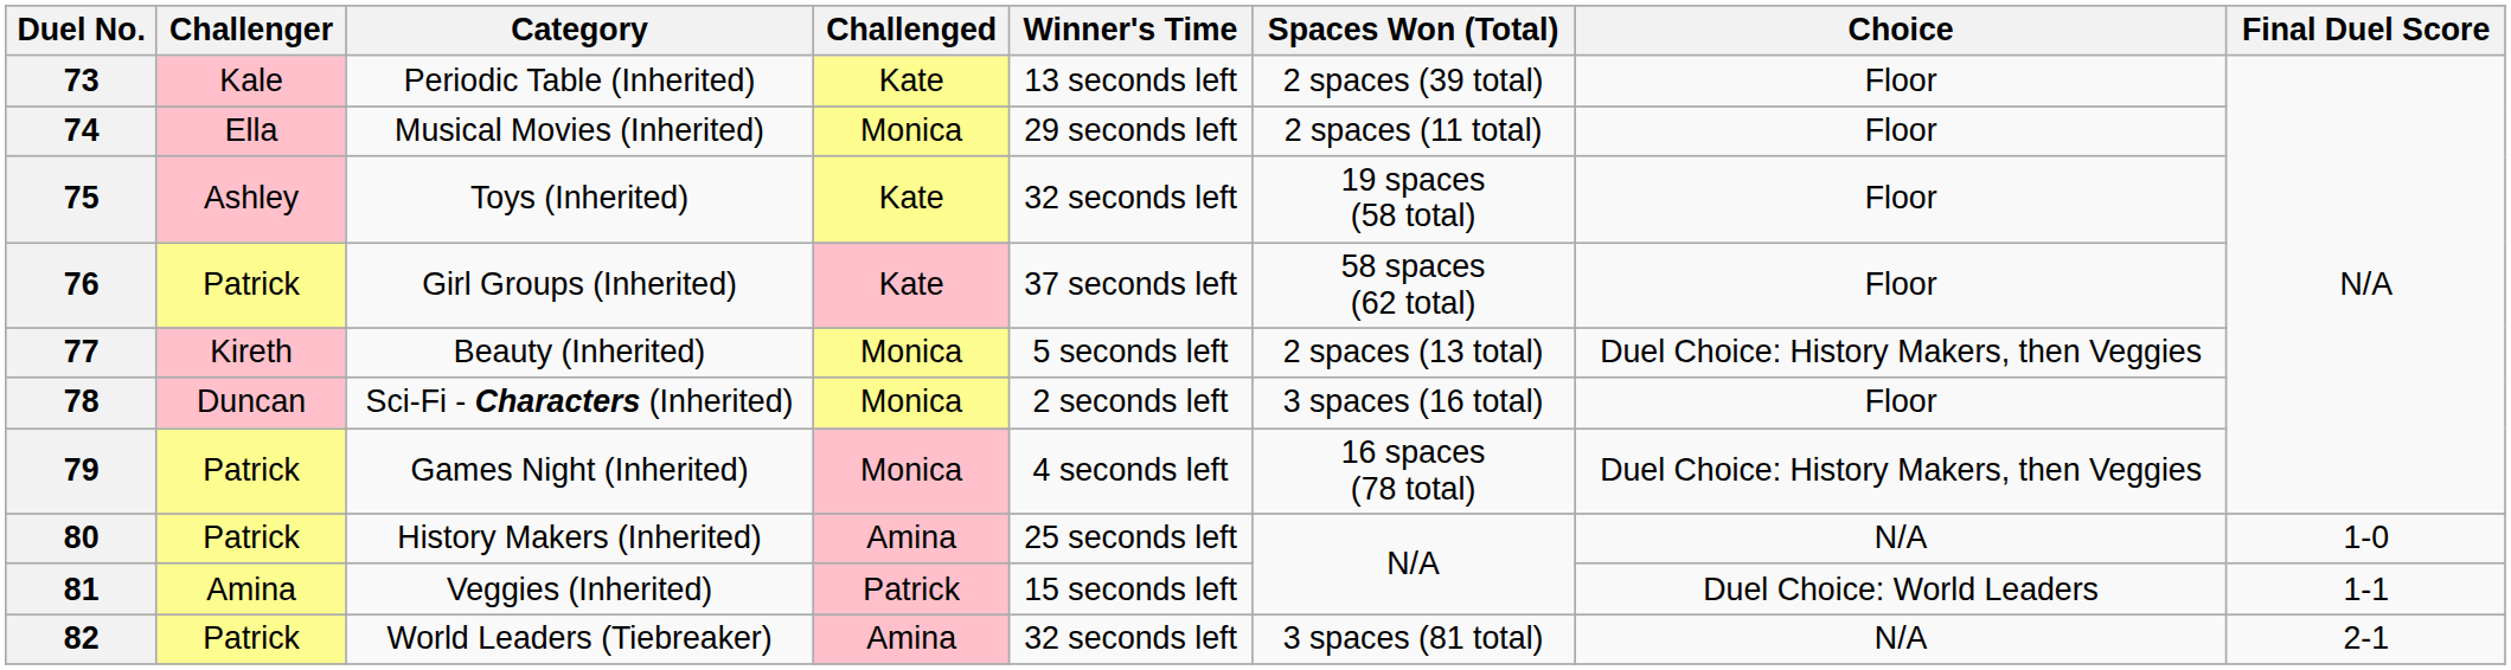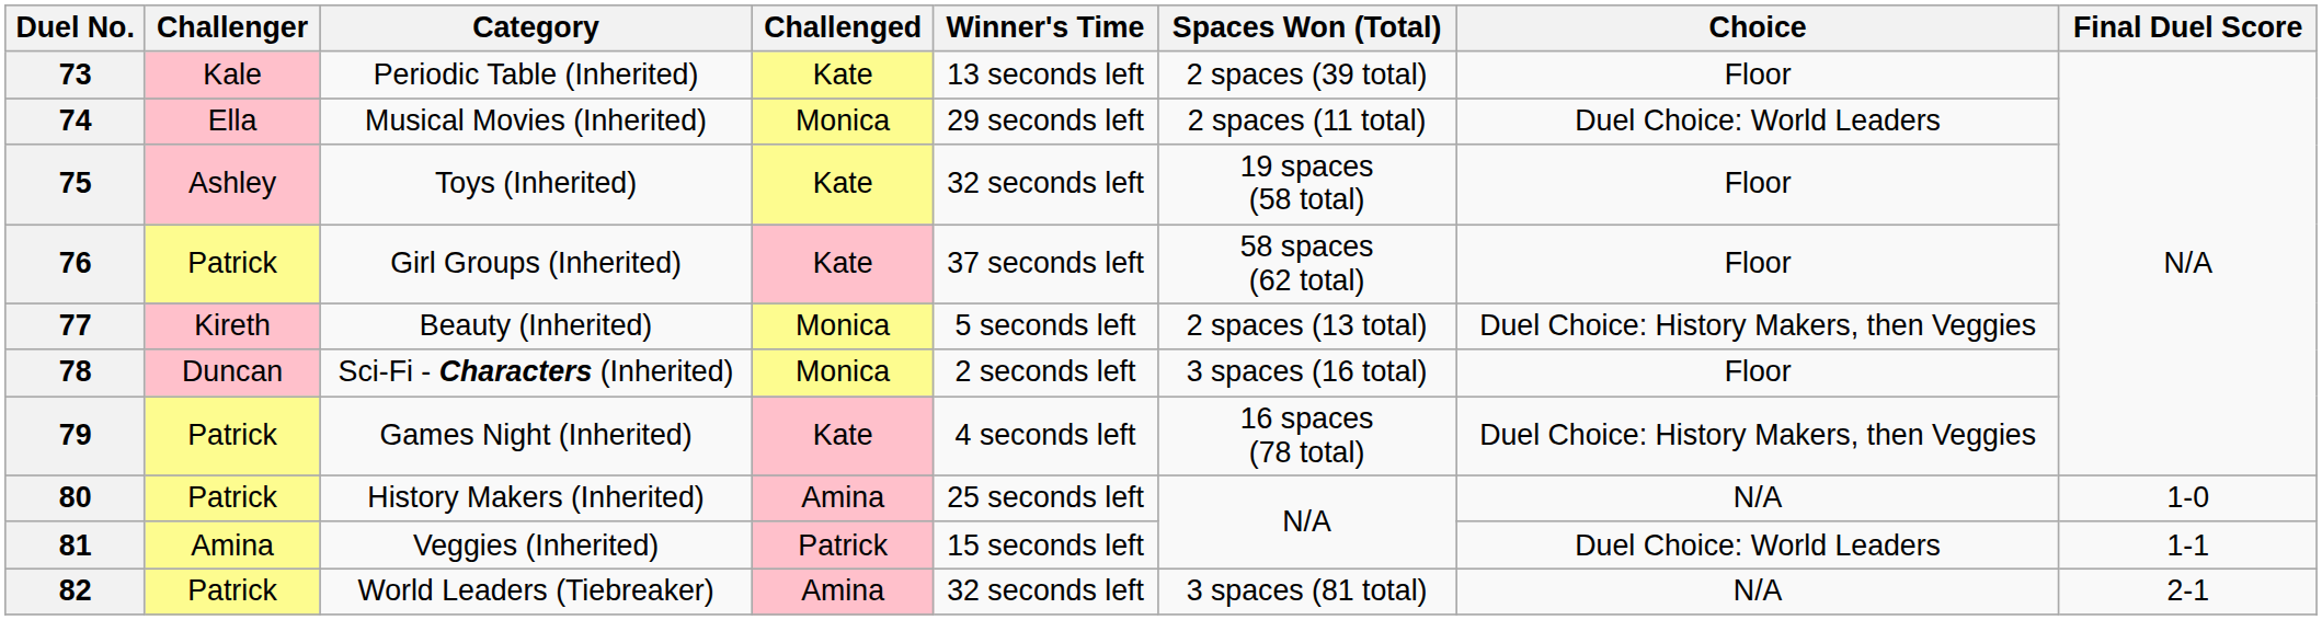 <table class="wikitable sortable mw-collapsible mw-collapsed" style="text-align:center; width:100%">
 <tr>
 <th scope="col">Duel No.</th>
 <th scope="col">Challenger</th>
 <th scope="col">Category</th>
 <th scope="col">Challenged</th>
 <th scope="col">Winner's Time</th>
 <th scope="col">Spaces Won (Total)</th>
 <th scope="col">Choice</th>
 <th>Final Duel Score</th>
 </tr>
 <tr>
 <th>73</th>
 <td style="background:pink;">Kale</td>
 <td>Periodic Table (Inherited)</td>
 <td style="background:#fdfc8f;">Kate</td>
 <td>13 seconds left</td>
 <td>2 spaces (39 total)</td>
 <td>Floor</td>
 <td rowspan="7">N/A</td>
 </tr>
 <tr>
 <th>74</th>
 <td style="background:pink;">Ella</td>
 <td>Musical Movies (Inherited)</td>
 <td style="background:#fdfc8f;">Monica</td>
 <td>29 seconds left</td>
 <td>2 spaces (11 total)</td>
-<td>Floor</td>
+<td>Duel Choice: World Leaders</td>
 </tr>
 <tr>
 <th>75</th>
 <td style="background:pink;">Ashley</td>
 <td>Toys (Inherited)</td>
 <td style="background:#fdfc8f;">Kate</td>
 <td>32 seconds left</td>
 <td>19 spaces<br>(58 total)</td>
 <td>Floor</td>
 </tr>
 <tr>
 <th>76</th>
 <td style="background:#fdfc8f;">Patrick</td>
 <td>Girl Groups (Inherited)</td>
 <td style="background:pink;">Kate</td>
 <td>37 seconds left</td>
 <td>58 spaces<br>(62 total)</td>
 <td>Floor</td>
 </tr>
 <tr>
 <th>77</th>
 <td style="background:pink;">Kireth</td>
 <td>Beauty (Inherited)</td>
 <td style="background:#fdfc8f;">Monica</td>
 <td>5 seconds left</td>
 <td>2 spaces (13 total)</td>
 <td>Duel Choice: History Makers, then Veggies</td>
 </tr>
 <tr>
 <th>78</th>
 <td style="background:pink;">Duncan</td>
 <td>Sci-Fi - <strong><em>Characters</em></strong> (Inherited)</td>
 <td style="background:#fdfc8f;">Monica</td>
 <td>2 seconds left</td>
 <td>3 spaces (16 total)</td>
 <td>Floor</td>
 </tr>
 <tr>
 <th>79</th>
 <td style="background:#fdfc8f;">Patrick</td>
 <td>Games Night (Inherited)</td>
-<td style="background:pink;">Monica</td>
+<td style="background:pink;">Kate</td>
 <td>4 seconds left</td>
 <td>16 spaces<br>(78 total)</td>
 <td>Duel Choice: History Makers, then Veggies</td>
 </tr>
 <tr>
 <th>80</th>
 <td style="background:#fdfc8f;">Patrick</td>
 <td>History Makers (Inherited)</td>
 <td style="background:pink;">Amina</td>
 <td>25 seconds left</td>
 <td rowspan="2">N/A</td>
 <td>N/A</td>
 <td>1-0</td>
 </tr>
 <tr>
 <th>81</th>
 <td style="background:#fdfc8f;">Amina</td>
 <td>Veggies (Inherited)</td>
 <td style="background:pink;">Patrick</td>
 <td>15 seconds left</td>
 <td>Duel Choice: World Leaders</td>
 <td>1-1</td>
 </tr>
 <tr>
 <th>82</th>
 <td style="background:#fdfc8f;">Patrick</td>
 <td>World Leaders (Tiebreaker)</td>
 <td style="background:pink;">Amina</td>
 <td>32 seconds left</td>
 <td>3 spaces (81 total)</td>
 <td>N/A</td>
 <td>2-1</td>
 </tr>
 </table>
